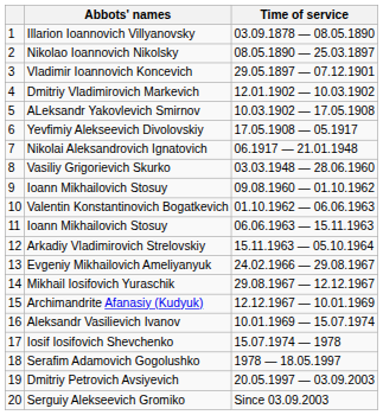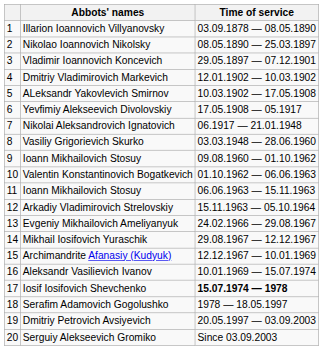 <table class="wikitable">
 <tr>
 <th></th>
 <th>Abbots' names</th>
 <th>Time of service</th>
 </tr>
 <tr>
 <td>1</td>
 <td>Illarion Ioannovich Villyanovsky</td>
 <td>03.09.1878 — 08.05.1890</td>
 </tr>
 <tr>
 <td>2</td>
 <td>Nikolao Ioannovich Nikolsky</td>
 <td>08.05.1890 — 25.03.1897</td>
 </tr>
 <tr>
 <td>3</td>
 <td>Vladimir Ioannovich Koncevich</td>
 <td>29.05.1897 — 07.12.1901</td>
 </tr>
 <tr>
 <td>4</td>
 <td>Dmitriy Vladimirovich Markevich</td>
 <td>12.01.1902 — 10.03.1902</td>
 </tr>
 <tr>
 <td>5</td>
 <td>ALeksandr Yakovlevich Smirnov</td>
 <td>10.03.1902 — 17.05.1908</td>
 </tr>
 <tr>
 <td>6</td>
 <td>Yevfimiy Alekseevich Divolovskiy</td>
 <td>17.05.1908 — 05.1917</td>
 </tr>
 <tr>
 <td>7</td>
 <td>Nikolai Aleksandrovich Ignatovich</td>
 <td>06.1917 — 21.01.1948</td>
 </tr>
 <tr>
 <td>8</td>
 <td>Vasiliy Grigorievich Skurko</td>
 <td>03.03.1948 — 28.06.1960</td>
 </tr>
 <tr>
 <td>9</td>
 <td>Ioann Mikhailovich Stosuy</td>
 <td>09.08.1960 — 01.10.1962</td>
 </tr>
 <tr>
 <td>10</td>
 <td>Valentin Konstantinovich Bogatkevich</td>
 <td>01.10.1962 — 06.06.1963</td>
 </tr>
 <tr>
 <td>11</td>
 <td>Ioann Mikhailovich Stosuy</td>
 <td>06.06.1963 — 15.11.1963</td>
 </tr>
 <tr>
 <td>12</td>
 <td>Arkadiy Vladimirovich Strelovskiy</td>
 <td>15.11.1963 — 05.10.1964</td>
 </tr>
 <tr>
 <td>13</td>
 <td>Evgeniy Mikhailovich Ameliyanyuk</td>
 <td>24.02.1966 — 29.08.1967</td>
 </tr>
 <tr>
 <td>14</td>
 <td>Mikhail Iosifovich Yuraschik</td>
 <td>29.08.1967 — 12.12.1967</td>
 </tr>
 <tr>
 <td>15</td>
 <td>Archimandrite <a href='#'>Afanasiy (Kudyuk)</a></td>
 <td>12.12.1967 — 10.01.1969</td>
 </tr>
 <tr>
 <td>16</td>
 <td>Aleksandr Vasilievich Ivanov</td>
 <td>10.01.1969 — 15.07.1974</td>
 </tr>
 <tr>
 <td>17</td>
 <td>Iosif Iosifovich Shevchenko</td>
-<td>15.07.1974 — 1978</td>
+<td><strong>15.07.1974 — 1978</strong></td>
 </tr>
 <tr>
 <td>18</td>
 <td>Serafim Adamovich Gogolushko</td>
 <td>1978 — 18.05.1997</td>
 </tr>
 <tr>
 <td>19</td>
 <td>Dmitriy Petrovich Avsiyevich</td>
 <td>20.05.1997 — 03.09.2003</td>
 </tr>
 <tr>
 <td>20</td>
 <td>Serguiy Alekseevich Gromiko</td>
 <td>Since 03.09.2003</td>
 </tr>
 </table>
